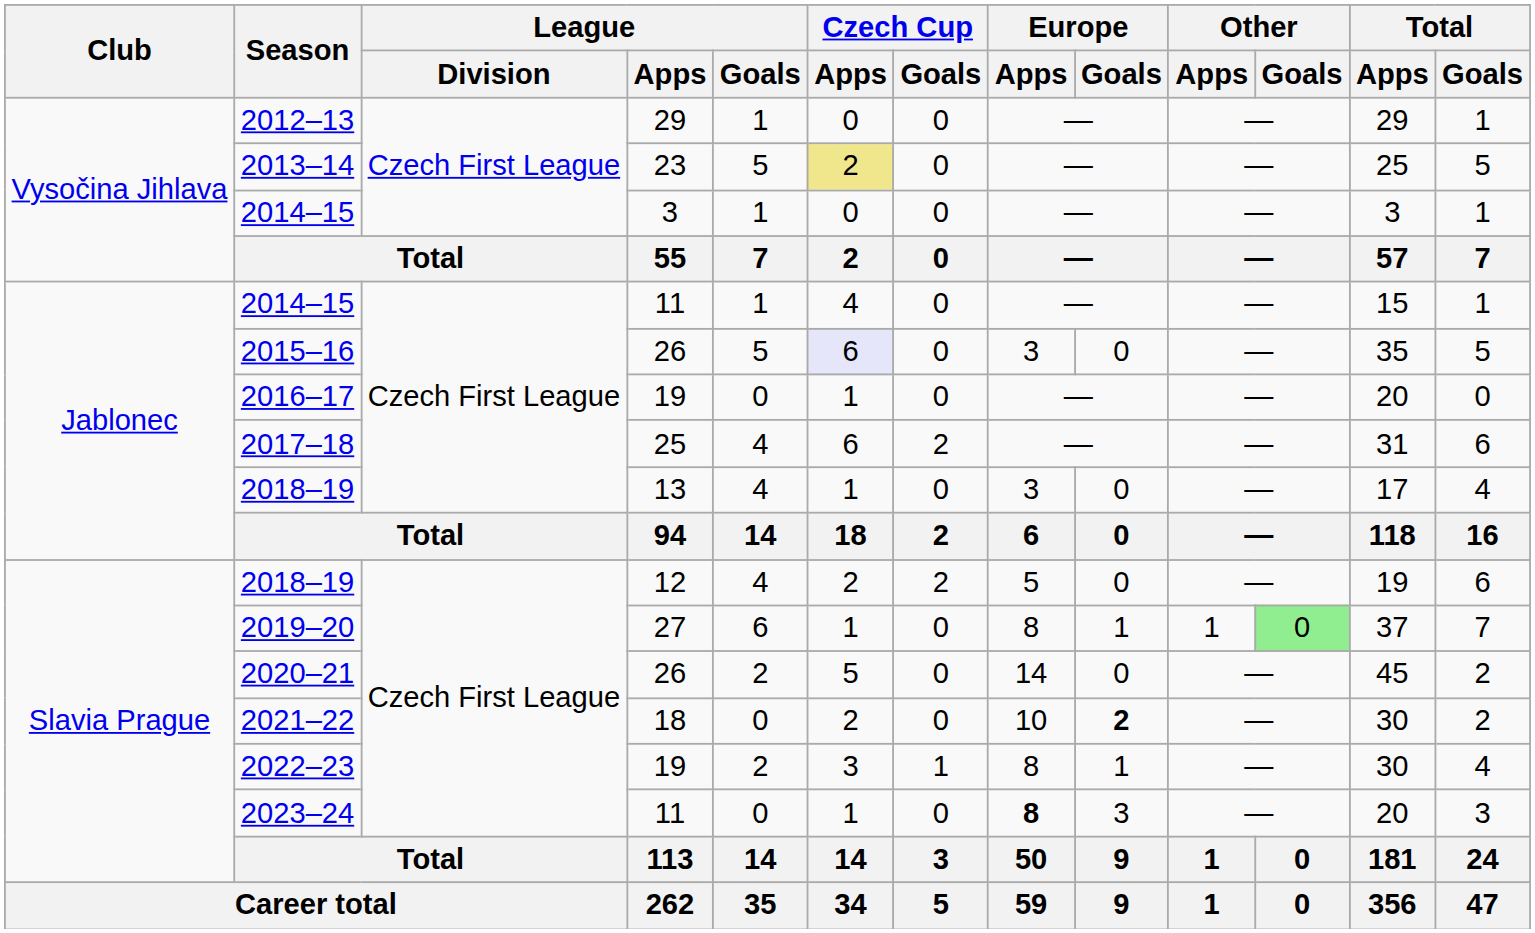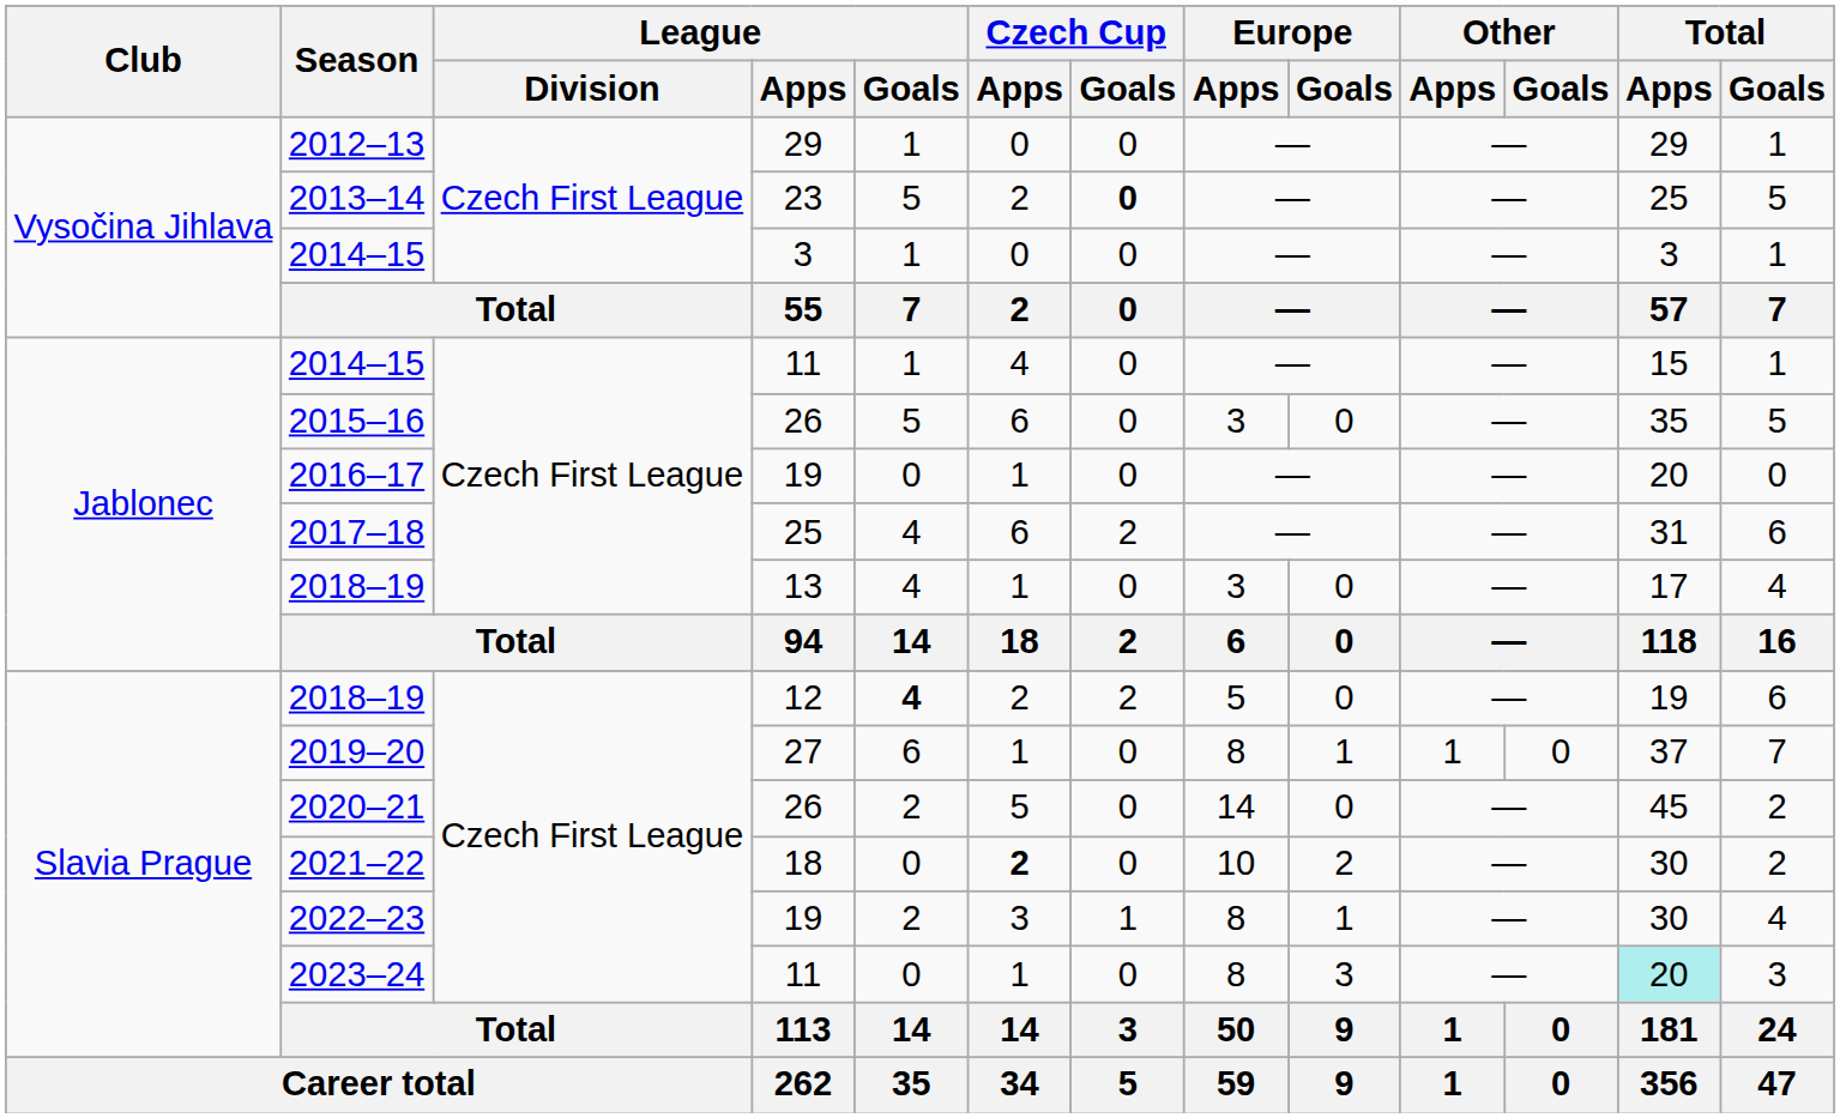 <table class="wikitable" style="text-align:center">
 <tr>
 <th rowspan=2>Club</th>
 <th rowspan=2>Season</th>
 <th colspan=3>League</th>
 <th colspan=2><a href='#'>Czech Cup</a></th>
 <th colspan=2>Europe</th>
 <th colspan=2>Other</th>
 <th colspan=2>Total</th>
 </tr>
 <tr>
 <th>Division</th>
 <th>Apps</th>
 <th>Goals</th>
 <th>Apps</th>
 <th>Goals</th>
 <th>Apps</th>
 <th>Goals</th>
 <th>Apps</th>
 <th>Goals</th>
 <th>Apps</th>
 <th>Goals</th>
 </tr>
 <tr>
 <td rowspan="4"><a href='#'>Vysočina Jihlava</a></td>
 <td><a href='#'>2012–13</a></td>
 <td rowspan="3"><a href='#'>Czech First League</a></td>
 <td>29</td>
 <td>1</td>
 <td>0</td>
 <td>0</td>
 <td colspan="2">—</td>
 <td colspan="2">—</td>
 <td>29</td>
 <td>1</td>
 </tr>
 <tr>
 <td><a href='#'>2013–14</a></td>
 <td>23</td>
 <td>5</td>
-<td style="background: khaki;">2</td>
-<td>0</td>
+<td>2</td>
+<td><strong>0</strong></td>
 <td colspan="2">—</td>
 <td colspan="2">—</td>
 <td>25</td>
 <td>5</td>
 </tr>
 <tr>
 <td><a href='#'>2014–15</a></td>
 <td>3</td>
 <td>1</td>
 <td>0</td>
 <td>0</td>
 <td colspan="2">—</td>
 <td colspan="2">—</td>
 <td>3</td>
 <td>1</td>
 </tr>
 <tr>
 <th colspan="2">Total</th>
 <th>55</th>
 <th>7</th>
 <th>2</th>
 <th>0</th>
 <th colspan="2">—</th>
 <th colspan="2">—</th>
 <th>57</th>
 <th>7</th>
 </tr>
 <tr>
 <td rowspan="6"><a href='#'>Jablonec</a></td>
 <td><a href='#'>2014–15</a></td>
 <td rowspan="5">Czech First League</td>
 <td>11</td>
 <td>1</td>
 <td>4</td>
 <td>0</td>
 <td colspan="2">—</td>
 <td colspan="2">—</td>
 <td>15</td>
 <td>1</td>
 </tr>
 <tr>
 <td><a href='#'>2015–16</a></td>
 <td>26</td>
 <td>5</td>
-<td style="background: lavender;">6</td>
+<td>6</td>
 <td>0</td>
 <td>3</td>
 <td>0</td>
 <td colspan="2">—</td>
 <td>35</td>
 <td>5</td>
 </tr>
 <tr>
 <td><a href='#'>2016–17</a></td>
 <td>19</td>
 <td>0</td>
 <td>1</td>
 <td>0</td>
 <td colspan="2">—</td>
 <td colspan="2">—</td>
 <td>20</td>
 <td>0</td>
 </tr>
 <tr>
 <td><a href='#'>2017–18</a></td>
 <td>25</td>
 <td>4</td>
 <td>6</td>
 <td>2</td>
 <td colspan="2">—</td>
 <td colspan="2">—</td>
 <td>31</td>
 <td>6</td>
 </tr>
 <tr>
 <td><a href='#'>2018–19</a></td>
 <td>13</td>
 <td>4</td>
 <td>1</td>
 <td>0</td>
 <td>3</td>
 <td>0</td>
 <td colspan="2">—</td>
 <td>17</td>
 <td>4</td>
 </tr>
 <tr>
 <th colspan="2">Total</th>
 <th>94</th>
 <th>14</th>
 <th>18</th>
 <th>2</th>
 <th>6</th>
 <th>0</th>
 <th colspan="2">—</th>
 <th>118</th>
 <th>16</th>
 </tr>
 <tr>
 <td rowspan="7"><a href='#'>Slavia Prague</a></td>
 <td><a href='#'>2018–19</a></td>
 <td rowspan="6">Czech First League</td>
 <td>12</td>
-<td>4</td>
+<td><strong>4</strong></td>
 <td>2</td>
 <td>2</td>
 <td>5</td>
 <td>0</td>
 <td colspan="2">—</td>
 <td>19</td>
 <td>6</td>
 </tr>
 <tr>
 <td><a href='#'>2019–20</a></td>
 <td>27</td>
 <td>6</td>
 <td>1</td>
 <td>0</td>
 <td>8</td>
 <td>1</td>
 <td>1</td>
-<td style="background: lightgreen;">0</td>
+<td>0</td>
 <td>37</td>
 <td>7</td>
 </tr>
 <tr>
 <td><a href='#'>2020–21</a></td>
 <td>26</td>
 <td>2</td>
 <td>5</td>
 <td>0</td>
 <td>14</td>
 <td>0</td>
 <td colspan="2">—</td>
 <td>45</td>
 <td>2</td>
 </tr>
 <tr>
 <td><a href='#'>2021–22</a></td>
 <td>18</td>
 <td>0</td>
-<td>2</td>
+<td><strong>2</strong></td>
 <td>0</td>
 <td>10</td>
-<td><strong>2</strong></td>
+<td>2</td>
 <td colspan="2">—</td>
 <td>30</td>
 <td>2</td>
 </tr>
 <tr>
 <td><a href='#'>2022–23</a></td>
 <td>19</td>
 <td>2</td>
 <td>3</td>
 <td>1</td>
 <td>8</td>
 <td>1</td>
 <td colspan="2">—</td>
 <td>30</td>
 <td>4</td>
 </tr>
 <tr>
 <td><a href='#'>2023–24</a></td>
 <td>11</td>
 <td>0</td>
 <td>1</td>
 <td>0</td>
-<td><strong>8</strong></td>
+<td>8</td>
 <td>3</td>
 <td colspan="2">—</td>
-<td>20</td>
+<td style="background: paleturquoise;">20</td>
 <td>3</td>
 </tr>
 <tr>
 <th colspan="2">Total</th>
 <th>113</th>
 <th>14</th>
 <th>14</th>
 <th>3</th>
 <th>50</th>
 <th>9</th>
 <th>1</th>
 <th>0</th>
 <th>181</th>
 <th>24</th>
 </tr>
 <tr>
 <th colspan="3">Career total</th>
 <th>262</th>
 <th>35</th>
 <th>34</th>
 <th>5</th>
 <th>59</th>
 <th>9</th>
 <th>1</th>
 <th>0</th>
 <th>356</th>
 <th>47</th>
 </tr>
 </table>
